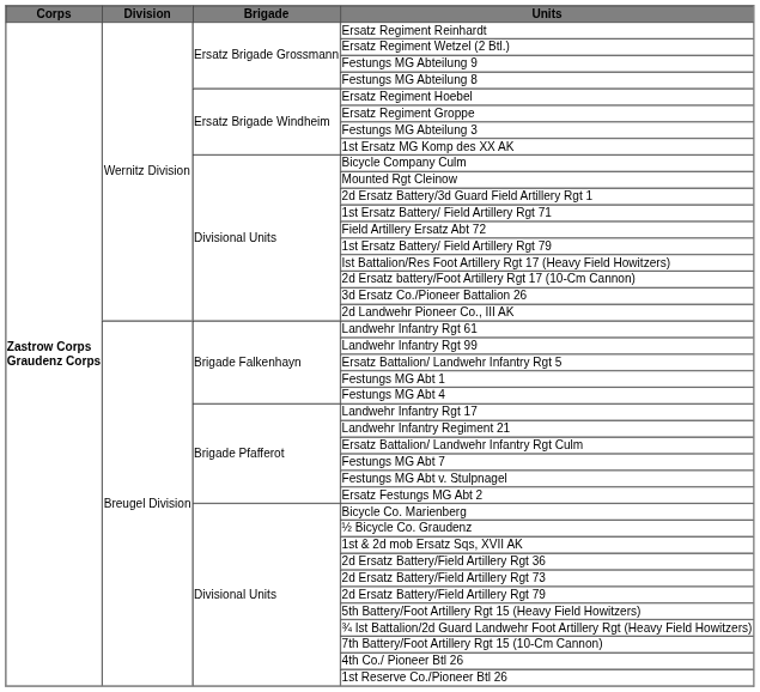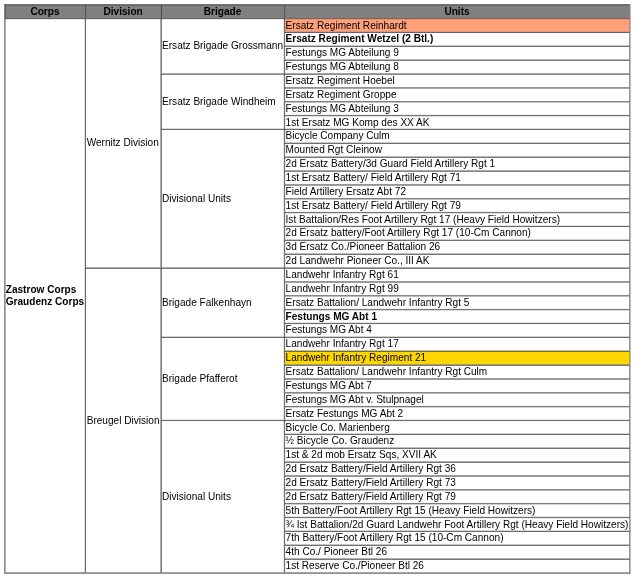 <table style="float: right;" border="1" cellpadding="1" cellspacing="0" style="font-size: 100%; border: gray solid 1px; border-collapse: collapse; text-align: center;">
 <tr style="background-color:grey; color:black;">
 <th>Corps</th>
 <th>Division</th>
 <th>Brigade</th>
 <th>Units</th>
 </tr>
 <tr>
 <td ROWSPAN=40><strong>Zastrow Corps<br>Graudenz Corps</strong></td>
 <td ROWSPAN=18>Wernitz Division </td>
 <td ROWSPAN=4>Ersatz Brigade Grossmann</td>
-<td>Ersatz Regiment Reinhardt </td>
+<td style="background: lightsalmon;">Ersatz Regiment Reinhardt </td>
 </tr>
 <tr>
-<td>Ersatz Regiment Wetzel (2 Btl.) </td>
+<td><strong>Ersatz Regiment Wetzel (2 Btl.) </strong></td>
 </tr>
 <tr>
 <td>Festungs MG Abteilung 9</td>
 </tr>
 <tr>
 <td>Festungs MG Abteilung 8</td>
 </tr>
 <tr>
 <td ROWSPAN=4>Ersatz Brigade Windheim</td>
 <td>Ersatz Regiment Hoebel </td>
 </tr>
 <tr>
 <td>Ersatz Regiment Groppe </td>
 </tr>
 <tr>
 <td>Festungs MG Abteilung 3</td>
 </tr>
 <tr>
 <td>1st Ersatz MG Komp des XX AK</td>
 </tr>
 <tr>
 <td ROWSPAN=10>Divisional Units</td>
 <td>Bicycle Company Culm</td>
 </tr>
 <tr>
 <td>Mounted Rgt Cleinow </td>
 </tr>
 <tr>
 <td>2d Ersatz Battery/3d Guard Field Artillery Rgt 1</td>
 </tr>
 <tr>
 <td>1st Ersatz Battery/ Field Artillery Rgt 71</td>
 </tr>
 <tr>
 <td>Field Artillery Ersatz Abt 72</td>
 </tr>
 <tr>
 <td>1st Ersatz Battery/ Field Artillery Rgt 79</td>
 </tr>
 <tr>
 <td>Ist Battalion/Res Foot Artillery Rgt 17 (Heavy Field Howitzers)</td>
 </tr>
 <tr>
 <td>2d Ersatz battery/Foot Artillery Rgt 17 (10-Cm Cannon)</td>
 </tr>
 <tr>
 <td>3d Ersatz Co./Pioneer Battalion 26</td>
 </tr>
 <tr>
 <td>2d Landwehr Pioneer Co., III AK</td>
 </tr>
 <tr>
 <td ROWSPAN=22>Breugel Division </td>
 <td ROWSPAN=5>Brigade Falkenhayn</td>
 <td>Landwehr Infantry Rgt 61</td>
 </tr>
 <tr>
 <td>Landwehr Infantry Rgt 99</td>
 </tr>
 <tr>
 <td>Ersatz Battalion/ Landwehr Infantry Rgt 5</td>
 </tr>
 <tr>
-<td>Festungs MG Abt 1</td>
+<td><strong>Festungs MG Abt 1</strong></td>
 </tr>
 <tr>
 <td>Festungs MG Abt 4</td>
 </tr>
 <tr>
 <td ROWSPAN=6>Brigade Pfafferot</td>
 <td>Landwehr Infantry Rgt 17</td>
 </tr>
 <tr>
-<td>Landwehr Infantry Regiment 21</td>
+<td style="background: gold;">Landwehr Infantry Regiment 21</td>
 </tr>
 <tr>
 <td>Ersatz Battalion/ Landwehr Infantry Rgt Culm</td>
 </tr>
 <tr>
 <td>Festungs MG Abt 7</td>
 </tr>
 <tr>
 <td>Festungs MG Abt v. Stulpnagel</td>
 </tr>
 <tr>
 <td>Ersatz Festungs MG Abt 2</td>
 </tr>
 <tr>
 <td ROWSPAN=11>Divisional Units</td>
 <td>Bicycle Co. Marienberg</td>
 </tr>
 <tr>
 <td>½ Bicycle Co. Graudenz</td>
 </tr>
 <tr>
 <td>1st & 2d mob Ersatz Sqs, XVII AK</td>
 </tr>
 <tr>
 <td>2d Ersatz Battery/Field Artillery Rgt 36</td>
 </tr>
 <tr>
 <td>2d Ersatz Battery/Field Artillery Rgt 73</td>
 </tr>
 <tr>
 <td>2d Ersatz Battery/Field Artillery Rgt 79</td>
 </tr>
 <tr>
 <td>5th Battery/Foot Artillery Rgt 15 (Heavy Field Howitzers)</td>
 </tr>
 <tr>
 <td>¾ Ist Battalion/2d Guard Landwehr Foot Artillery Rgt (Heavy Field Howitzers)</td>
 </tr>
 <tr>
 <td>7th Battery/Foot Artillery Rgt 15 (10-Cm Cannon)</td>
 </tr>
 <tr>
 <td>4th Co./ Pioneer Btl 26</td>
 </tr>
 <tr>
 <td>1st Reserve Co./Pioneer Btl 26</td>
 </tr>
 <tr>
 </tr>
 </table>
